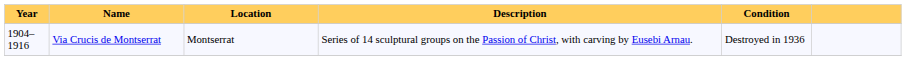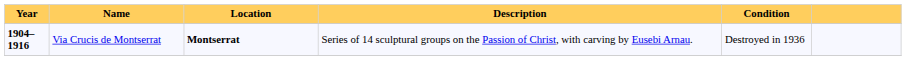 <table bgcolor="#f7f8ff" cellpadding="4" cellspacing="0" border="1" style="font-size: 95%; border: #cccccc solid 1px; border-collapse: collapse;">
 <tr>
 <th width="5%" style="background:#ffce5d;">Year</th>
 <th width="15%" style="background:#ffce5d;">Name</th>
 <th width="15%" style="background:#ffce5d;">Location</th>
 <th width="45%" style="background:#ffce5d;">Description</th>
 <th width="10%" style="background:#ffce5d;">Condition</th>
 <th width="10%" style="background:#ffce5d;"></th>
 </tr>
 <tr ---->
 </tr>
 <tr>
-<td>1904–1916</td>
+<td><strong>1904–1916</strong></td>
 <td><a href='#'>Via Crucis de Montserrat</a></td>
-<td>Montserrat</td>
+<td><strong>Montserrat</strong></td>
 <td>Series of 14 sculptural groups on the <a href='#'>Passion of Christ</a>, with carving by <a href='#'>Eusebi Arnau</a>.</td>
 <td>Destroyed in  1936</td>
 <td></td>
 </tr>
 <tr>
 </tr>
 </table>
